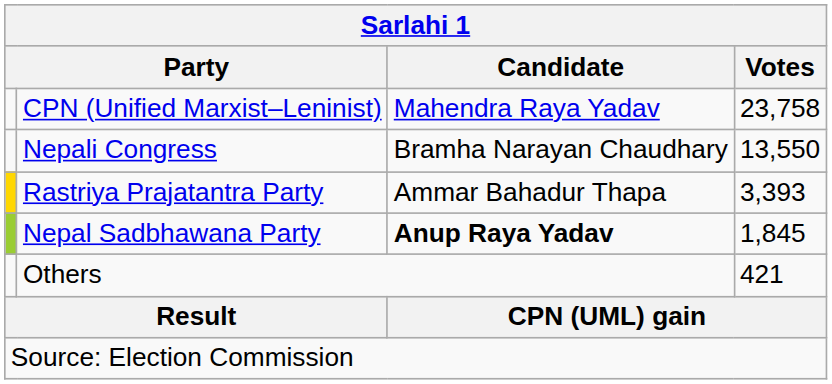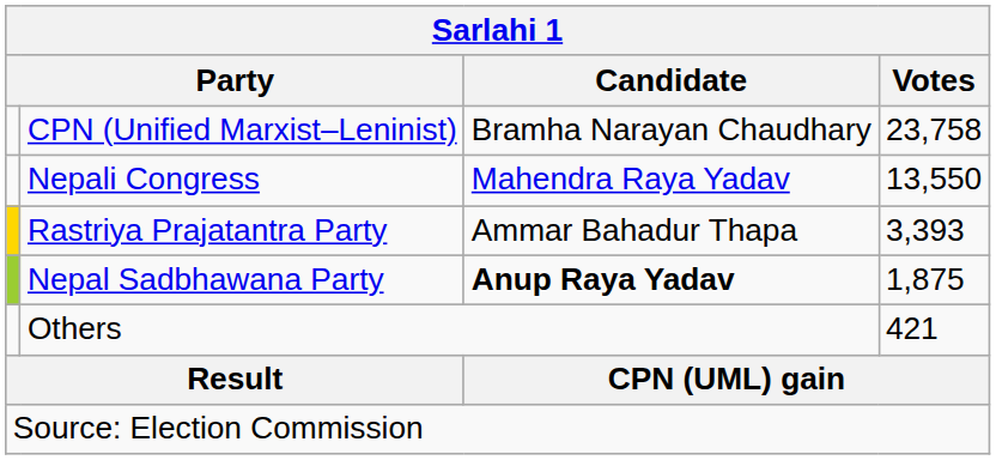 <table class="wikitable">
 <tr>
 <th colspan="4"><a href='#'>Sarlahi 1</a></th>
 </tr>
 <tr>
 <th colspan="2">Party</th>
 <th>Candidate</th>
 <th>Votes</th>
 </tr>
 <tr>
 <td style="background-color:"></td>
 <td><a href='#'>CPN (Unified Marxist–Leninist)</a></td>
-<td><a href='#'>Mahendra Raya Yadav</a></td>
+<td>Bramha Narayan Chaudhary</td>
 <td>23,758</td>
 </tr>
 <tr>
 <td style="background-color:"></td>
 <td><a href='#'>Nepali Congress</a></td>
-<td>Bramha Narayan Chaudhary</td>
+<td><a href='#'>Mahendra Raya Yadav</a></td>
 <td>13,550</td>
 </tr>
 <tr>
 <td style="background-color:gold"></td>
 <td><a href='#'>Rastriya Prajatantra Party</a></td>
 <td>Ammar Bahadur Thapa</td>
 <td>3,393</td>
 </tr>
 <tr>
 <td style="background-color:yellowgreen"></td>
 <td><a href='#'>Nepal Sadbhawana Party</a></td>
 <td><strong>Anup Raya Yadav</strong></td>
-<td>1,845</td>
+<td>1,875</td>
 </tr>
 <tr>
 <td></td>
 <td colspan="2">Others</td>
 <td>421</td>
 </tr>
 <tr>
 <th colspan="2">Result</th>
 <th colspan="2">CPN (UML) gain</th>
 </tr>
 <tr>
 <td colspan="4">Source: Election Commission</td>
 </tr>
 </table>
